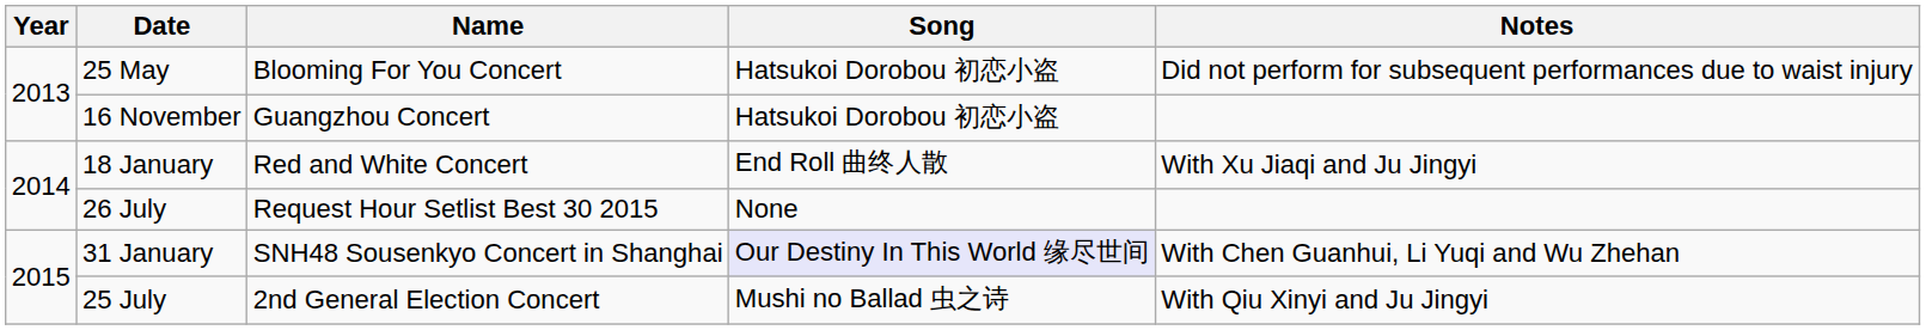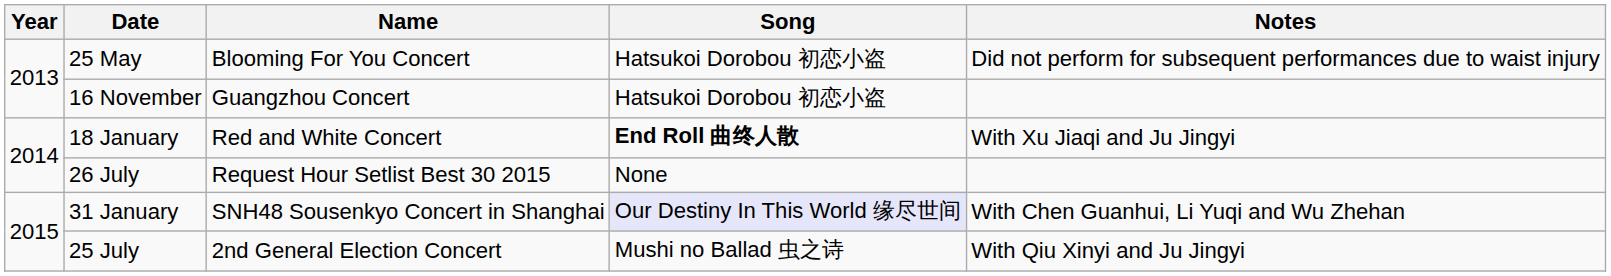 <table class="wikitable">
 <tr>
 <th>Year</th>
 <th>Date</th>
 <th>Name</th>
 <th>Song</th>
 <th>Notes</th>
 </tr>
 <tr>
 <td rowspan="2">2013</td>
 <td>25 May</td>
 <td>Blooming For You Concert</td>
 <td>Hatsukoi Dorobou 初恋小盗</td>
 <td>Did not perform for subsequent performances due to waist injury</td>
 </tr>
 <tr>
 <td>16 November</td>
 <td>Guangzhou Concert</td>
 <td>Hatsukoi Dorobou 初恋小盗</td>
 <td></td>
 </tr>
 <tr>
 <td rowspan="2">2014</td>
 <td>18 January</td>
 <td>Red and White Concert</td>
-<td>End Roll 曲终人散</td>
+<td><strong>End Roll 曲终人散</strong></td>
 <td>With Xu Jiaqi and Ju Jingyi</td>
 </tr>
 <tr>
 <td>26 July</td>
 <td>Request Hour Setlist Best 30 2015</td>
 <td>None</td>
 <td></td>
 </tr>
 <tr>
 <td rowspan="2">2015</td>
 <td>31 January</td>
 <td>SNH48 Sousenkyo Concert in Shanghai</td>
 <td style="background: lavender;">Our Destiny In This World 缘尽世间</td>
 <td>With Chen Guanhui, Li Yuqi and Wu Zhehan</td>
 </tr>
 <tr>
 <td>25 July</td>
 <td>2nd General Election Concert</td>
 <td>Mushi no Ballad 虫之诗</td>
 <td>With Qiu Xinyi and Ju Jingyi</td>
 </tr>
 </table>
